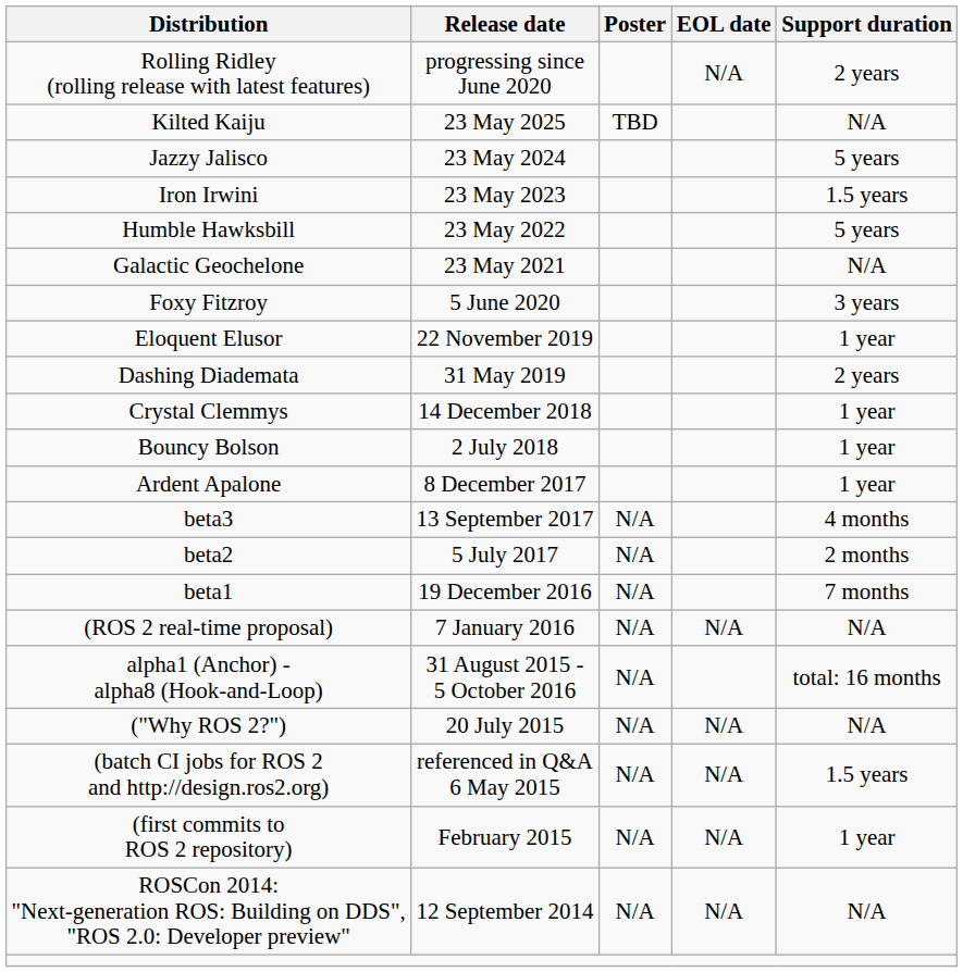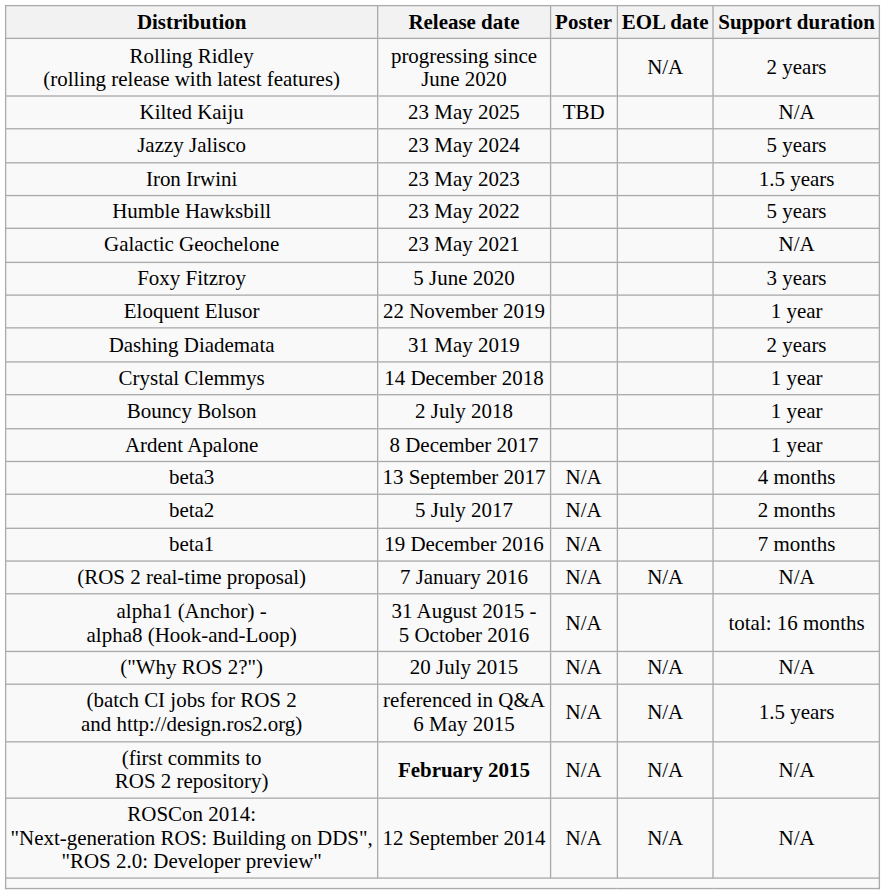 <table class="wikitable" style="display:inline-table; float:center; text-align:center; margin-left:1em; margin-right:0">
 <tr>
 <th>Distribution</th>
 <th>Release date</th>
 <th>Poster</th>
 <th>EOL date</th>
 <th>Support duration</th>
 </tr>
 <tr>
 <td>Rolling Ridley<br>(rolling release with latest features)</td>
 <td>progressing since<br>June 2020</td>
 <td></td>
 <td>N/A</td>
 <td>2 years</td>
 </tr>
 <tr>
 <td>Kilted Kaiju</td>
 <td>23 May 2025</td>
 <td>TBD</td>
 <td></td>
 <td>N/A</td>
 </tr>
 <tr>
 <td>Jazzy Jalisco</td>
 <td>23 May 2024</td>
 <td></td>
 <td></td>
 <td>5 years</td>
 </tr>
 <tr>
 <td>Iron Irwini</td>
 <td>23 May 2023</td>
 <td></td>
 <td></td>
 <td>1.5 years</td>
 </tr>
 <tr>
 <td>Humble Hawksbill</td>
 <td>23 May 2022</td>
 <td></td>
 <td></td>
 <td>5 years</td>
 </tr>
 <tr>
 <td>Galactic Geochelone</td>
 <td>23 May 2021</td>
 <td></td>
 <td></td>
 <td>N/A</td>
 </tr>
 <tr>
 <td>Foxy Fitzroy</td>
 <td>5 June 2020</td>
 <td></td>
 <td></td>
 <td>3 years</td>
 </tr>
 <tr>
 <td>Eloquent Elusor</td>
 <td>22 November 2019</td>
 <td></td>
 <td></td>
 <td>1 year</td>
 </tr>
 <tr>
 <td>Dashing Diademata</td>
 <td>31 May 2019</td>
 <td></td>
 <td></td>
 <td>2 years</td>
 </tr>
 <tr>
 <td>Crystal Clemmys</td>
 <td>14 December 2018</td>
 <td></td>
 <td></td>
 <td>1 year</td>
 </tr>
 <tr>
 <td>Bouncy Bolson</td>
 <td>2 July 2018</td>
 <td></td>
 <td></td>
 <td>1 year</td>
 </tr>
 <tr>
 <td>Ardent Apalone</td>
 <td>8 December 2017</td>
 <td></td>
 <td></td>
 <td>1 year</td>
 </tr>
 <tr>
 <td>beta3</td>
 <td>13 September 2017</td>
 <td>N/A</td>
 <td></td>
 <td>4 months</td>
 </tr>
 <tr>
 <td>beta2</td>
 <td>5 July 2017</td>
 <td>N/A</td>
 <td></td>
 <td>2 months</td>
 </tr>
 <tr>
 <td>beta1</td>
 <td>19 December 2016</td>
 <td>N/A</td>
 <td></td>
 <td>7 months</td>
 </tr>
 <tr>
 <td>(ROS 2 real-time proposal)</td>
 <td>7 January 2016</td>
 <td>N/A</td>
 <td>N/A</td>
 <td>N/A</td>
 </tr>
 <tr>
 <td>alpha1 (Anchor) -<br>alpha8 (Hook-and-Loop)</td>
 <td>31 August 2015 -<br>5 October 2016</td>
 <td>N/A</td>
 <td></td>
 <td>total: 16 months</td>
 </tr>
 <tr>
 <td>("Why ROS 2?")</td>
 <td>20 July 2015</td>
 <td>N/A</td>
 <td>N/A</td>
 <td>N/A</td>
 </tr>
 <tr>
 <td>(batch CI jobs for ROS 2<br>and http://design.ros2.org)</td>
 <td>referenced in Q&A<br>6 May 2015</td>
 <td>N/A</td>
 <td>N/A</td>
 <td>1.5 years</td>
 </tr>
 <tr>
 <td>(first commits to<br>ROS 2 repository)</td>
-<td>February 2015</td>
+<td><strong>February 2015</strong></td>
 <td>N/A</td>
 <td>N/A</td>
-<td>1 year</td>
+<td>N/A</td>
 </tr>
 <tr>
 <td>ROSCon 2014:<br>"Next-generation ROS: Building on DDS",<br>"ROS 2.0: Developer preview"</td>
 <td>12 September 2014</td>
 <td>N/A</td>
 <td>N/A</td>
 <td>N/A</td>
 </tr>
 <tr>
 <td colspan="98"></td>
 </tr>
 </table>
